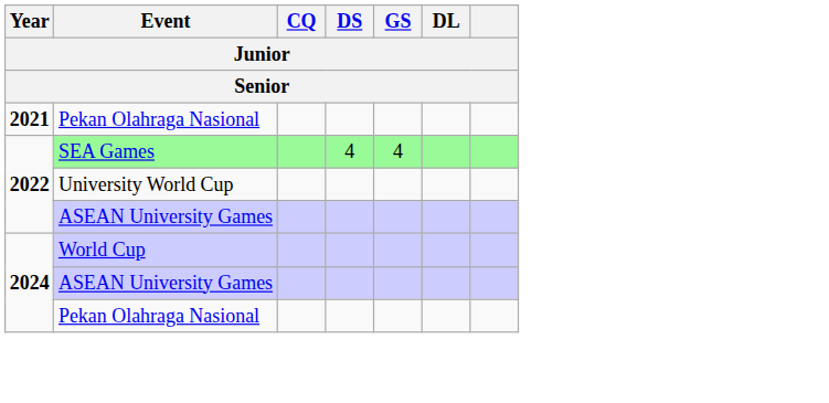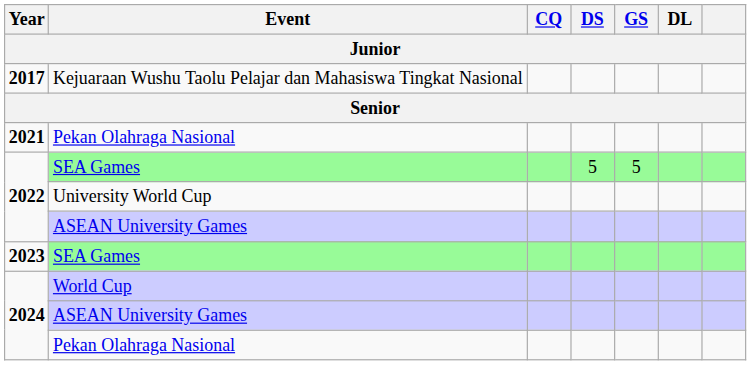 <table class="wikitable" style="text-align:center; font-size:95%;">
 <tr>
 <th align="center">Year</th>
 <th align="center">Event</th>
 <th style="width:30px;"><a href='#'>CQ</a></th>
 <th style="width:30px;"><a href='#'>DS</a></th>
 <th style="width:30px;"><a href='#'>GS</a></th>
 <th style="width:30px;">DL</th>
 <th style="width:30px;"></th>
 </tr>
 <tr>
 <th colspan="7"><strong>Junior</strong></th>
+</tr>
+<tr>
+<td><strong>2017</strong></td>
+<td align="left">Kejuaraan Wushu Taolu Pelajar dan Mahasiswa Tingkat Nasional</td>
+<td></td>
+<td></td>
+<td></td>
+<td></td>
+<td></td>
 </tr>
 <tr>
 <th colspan="7"><strong>Senior</strong></th>
 </tr>
 <tr>
 <td><strong>2021</strong></td>
 <td align="left"><a href='#'>Pekan Olahraga Nasional</a></td>
 <td></td>
 <td columnspan="2"></td>
 <td></td>
 <td></td>
 </tr>
 <tr>
 <td rowspan="3"><strong>2022</strong></td>
 <td style="background:#98fb98;" align="left"><a href='#'> SEA Games</a></td>
 <td style="background:#98fb98"></td>
-<td style="background:#98fb98">4</td>
-<td style="background:#98fb98">4</td>
+<td style="background:#98fb98">5</td>
+<td style="background:#98fb98">5</td>
 <td style="background:#98fb98"></td>
 <td style="background:#98fb98"></td>
 </tr>
 <tr>
 <td align="left">University World Cup</td>
 <td></td>
 <td></td>
 <td></td>
 <td></td>
 <td></td>
 </tr>
 <tr>
 <td style="background:#ccf;" align="left"><a href='#'>ASEAN University Games</a></td>
 <td style="background:#ccf"></td>
 <td style="background:#ccf"></td>
 <td style="background:#ccf"></td>
 <td style="background:#ccf"></td>
 <td style="background:#ccf"></td>
+</tr>
+<tr>
+<td><strong>2023</strong></td>
+<td style="background:#98fb98;" align="left"><a href='#'>SEA Games</a></td>
+<td style="background:#98fb98"></td>
+<td style="background:#98fb98"></td>
+<td style="background:#98fb98"></td>
+<td style="background:#98fb98"></td>
+<td style="background:#98fb98"></td>
 </tr>
 <tr>
 <td rowspan="3"><strong>2024</strong></td>
 <td style="background:#ccf;" align="left"><a href='#'>World Cup</a></td>
 <td style="background:#ccf"></td>
 <td style="background:#ccf"></td>
 <td style="background:#ccf"></td>
 <td style="background:#ccf"></td>
 <td style="background:#ccf"></td>
 </tr>
 <tr>
 <td style="background:#ccf;" align="left"><a href='#'>ASEAN University Games</a></td>
 <td style="background:#ccf"></td>
 <td style="background:#ccf"></td>
 <td style="background:#ccf"></td>
 <td style="background:#ccf"></td>
 <td style="background:#ccf"></td>
 </tr>
 <tr>
 <td align="left"><a href='#'>Pekan Olahraga Nasional</a></td>
 <td></td>
 <td columnspan="2"></td>
 <td></td>
 <td></td>
 </tr>
 </table>
